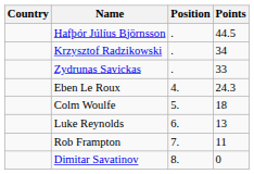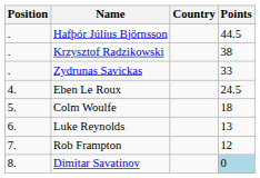 <table class="wikitable" style="display: inline-table">
 <tr>
+<th>Position</th>
+<th>Name</th>
 <th>Country</th>
-<th>Name</th>
-<th>Position</th>
 <th>Points</th>
 </tr>
 <tr>
+<td>.</td>
+<td><a href='#'>Hafþór Júlíus Björnsson</a></td>
 <td></td>
-<td><a href='#'>Hafþór Júlíus Björnsson</a></td>
-<td>.</td>
 <td>44.5</td>
 </tr>
 <tr>
+<td>.</td>
+<td><a href='#'>Krzysztof Radzikowski</a></td>
 <td></td>
-<td><a href='#'>Krzysztof Radzikowski</a></td>
-<td>.</td>
-<td>34</td>
+<td>38</td>
 </tr>
 <tr>
+<td>.</td>
+<td><a href='#'>Zydrunas Savickas</a></td>
 <td></td>
-<td><a href='#'>Zydrunas Savickas</a></td>
-<td>.</td>
 <td>33</td>
 </tr>
 <tr>
+<td>4.</td>
+<td>Eben Le Roux</td>
 <td></td>
-<td>Eben Le Roux</td>
-<td>4.</td>
-<td>24.3</td>
+<td>24.5</td>
 </tr>
 <tr>
+<td>5.</td>
+<td>Colm Woulfe</td>
 <td></td>
-<td>Colm Woulfe</td>
-<td>5.</td>
 <td>18</td>
 </tr>
 <tr>
+<td>6.</td>
+<td>Luke Reynolds</td>
 <td></td>
-<td>Luke Reynolds</td>
-<td>6.</td>
 <td>13</td>
 </tr>
 <tr>
+<td>7.</td>
+<td>Rob Frampton</td>
 <td></td>
-<td>Rob Frampton</td>
-<td>7.</td>
-<td>11</td>
+<td>12</td>
 </tr>
 <tr>
+<td>8.</td>
+<td><a href='#'>Dimitar Savatinov</a></td>
 <td></td>
-<td><a href='#'>Dimitar Savatinov</a></td>
-<td>8.</td>
-<td>0</td>
+<td style="background: lightblue;">0</td>
 </tr>
 </table>
